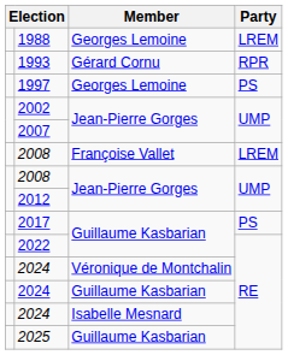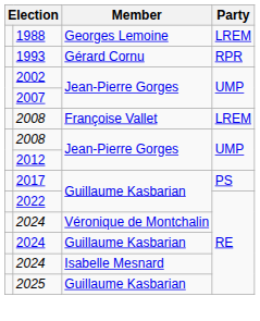 <table class="wikitable">
 <tr>
 <th colspan=2>Election</th>
 <th>Member</th>
 <th>Party</th>
 </tr>
 <tr>
 <td style="background-color: "></td>
 <td><a href='#'>1988</a></td>
 <td><a href='#'>Georges Lemoine</a></td>
 <td><a href='#'>LREM</a></td>
 </tr>
 <tr>
 <td style="background-color: "></td>
 <td><a href='#'>1993</a></td>
 <td><a href='#'>Gérard Cornu</a></td>
 <td><a href='#'>RPR</a></td>
-</tr>
-<tr>
-<td style="background-color: "></td>
-<td><a href='#'>1997</a></td>
-<td><a href='#'>Georges Lemoine</a></td>
-<td><a href='#'>PS</a></td>
 </tr>
 <tr>
 <td rowspan="2" style="background-color: "></td>
 <td><a href='#'>2002</a></td>
 <td rowspan="2"><a href='#'>Jean-Pierre Gorges</a></td>
 <td rowspan="2"><a href='#'>UMP</a></td>
 </tr>
 <tr>
 <td><a href='#'>2007</a></td>
 </tr>
 <tr>
 <td style="background-color: "></td>
 <td><em>2008</em></td>
 <td><a href='#'>Françoise Vallet</a></td>
 <td><a href='#'>LREM</a></td>
 </tr>
 <tr>
 <td rowspan="2" style="background-color: "></td>
 <td><em>2008</em></td>
 <td rowspan="2"><a href='#'>Jean-Pierre Gorges</a></td>
 <td rowspan="2"><a href='#'>UMP</a></td>
 </tr>
 <tr>
 <td><a href='#'>2012</a></td>
 </tr>
 <tr>
 <td style="background-color: "></td>
 <td><a href='#'>2017</a></td>
 <td rowspan="2"><a href='#'>Guillaume Kasbarian</a></td>
 <td><a href='#'>PS</a></td>
 </tr>
 <tr>
 <td style="color:inherit;background-color: "></td>
 <td><a href='#'>2022</a></td>
 <td rowspan="5"><a href='#'>RE</a></td>
 </tr>
 <tr>
 <td style="color:inherit;background-color: "></td>
 <td><em>2024</em></td>
 <td><a href='#'>Véronique de Montchalin</a></td>
 </tr>
 <tr>
 <td style="color:inherit;background-color: "></td>
 <td><a href='#'>2024</a></td>
 <td><a href='#'>Guillaume Kasbarian</a></td>
 </tr>
 <tr>
 <td style="color:inherit;background-color: "></td>
 <td><em>2024</em></td>
 <td><a href='#'>Isabelle Mesnard</a></td>
 </tr>
 <tr>
 <td style="color:inherit;background-color: "></td>
 <td><em>2025</em></td>
 <td><a href='#'>Guillaume Kasbarian</a></td>
 </tr>
 </table>
